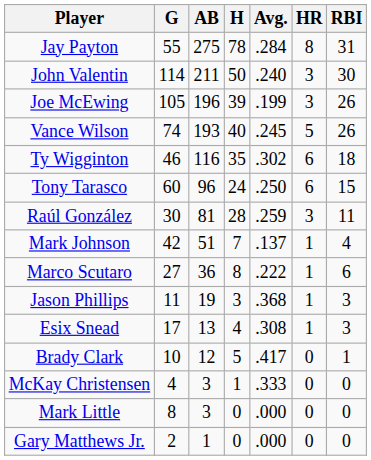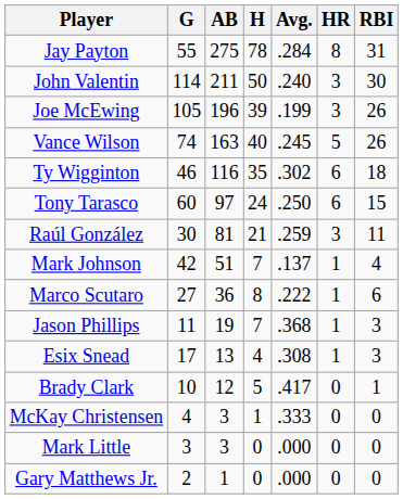 <table class="wikitable sortable">
 <tr>
 <th>Player</th>
 <th>G</th>
 <th>AB</th>
 <th>H</th>
 <th>Avg.</th>
 <th>HR</th>
 <th>RBI</th>
 </tr>
 <tr align=center>
 <td><a href='#'>Jay Payton</a></td>
 <td>55</td>
 <td>275</td>
 <td>78</td>
 <td>.284</td>
 <td>8</td>
 <td>31</td>
 </tr>
 <tr align=center>
 <td><a href='#'>John Valentin</a></td>
 <td>114</td>
 <td>211</td>
 <td>50</td>
 <td>.240</td>
 <td>3</td>
 <td>30</td>
 </tr>
 <tr align=center>
 <td><a href='#'>Joe McEwing</a></td>
 <td>105</td>
 <td>196</td>
 <td>39</td>
 <td>.199</td>
 <td>3</td>
 <td>26</td>
 </tr>
 <tr align=center>
 <td><a href='#'>Vance Wilson</a></td>
 <td>74</td>
-<td>193</td>
+<td>163</td>
 <td>40</td>
 <td>.245</td>
 <td>5</td>
 <td>26</td>
 </tr>
 <tr align=center>
 <td><a href='#'>Ty Wigginton</a></td>
 <td>46</td>
 <td>116</td>
 <td>35</td>
 <td>.302</td>
 <td>6</td>
 <td>18</td>
 </tr>
 <tr align=center>
 <td><a href='#'>Tony Tarasco</a></td>
 <td>60</td>
-<td>96</td>
+<td>97</td>
 <td>24</td>
 <td>.250</td>
 <td>6</td>
 <td>15</td>
 </tr>
 <tr align=center>
 <td><a href='#'>Raúl González</a></td>
 <td>30</td>
 <td>81</td>
-<td>28</td>
+<td>21</td>
 <td>.259</td>
 <td>3</td>
 <td>11</td>
 </tr>
 <tr align=center>
 <td><a href='#'>Mark Johnson</a></td>
 <td>42</td>
 <td>51</td>
 <td>7</td>
 <td>.137</td>
 <td>1</td>
 <td>4</td>
 </tr>
 <tr align=center>
 <td><a href='#'>Marco Scutaro</a></td>
 <td>27</td>
 <td>36</td>
 <td>8</td>
 <td>.222</td>
 <td>1</td>
 <td>6</td>
 </tr>
 <tr align=center>
 <td><a href='#'>Jason Phillips</a></td>
 <td>11</td>
 <td>19</td>
-<td>3</td>
+<td>7</td>
 <td>.368</td>
 <td>1</td>
 <td>3</td>
 </tr>
 <tr align=center>
 <td><a href='#'>Esix Snead</a></td>
 <td>17</td>
 <td>13</td>
 <td>4</td>
 <td>.308</td>
 <td>1</td>
 <td>3</td>
 </tr>
 <tr align=center>
 <td><a href='#'>Brady Clark</a></td>
 <td>10</td>
 <td>12</td>
 <td>5</td>
 <td>.417</td>
 <td>0</td>
 <td>1</td>
 </tr>
 <tr align=center>
 <td><a href='#'>McKay Christensen</a></td>
 <td>4</td>
 <td>3</td>
 <td>1</td>
 <td>.333</td>
 <td>0</td>
 <td>0</td>
 </tr>
 <tr align=center>
 <td><a href='#'>Mark Little</a></td>
-<td>8</td>
+<td>3</td>
 <td>3</td>
 <td>0</td>
 <td>.000</td>
 <td>0</td>
 <td>0</td>
 </tr>
 <tr align=center>
 <td><a href='#'>Gary Matthews Jr.</a></td>
 <td>2</td>
 <td>1</td>
 <td>0</td>
 <td>.000</td>
 <td>0</td>
 <td>0</td>
 </tr>
 </table>
